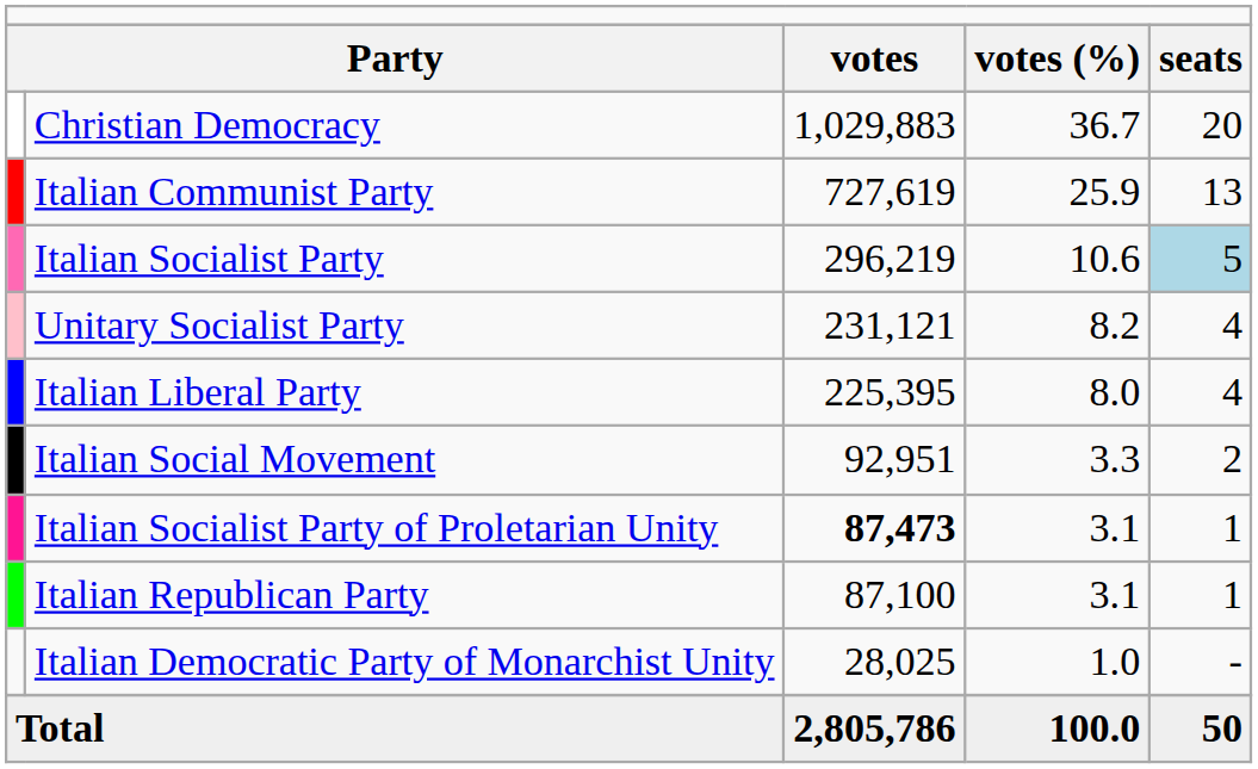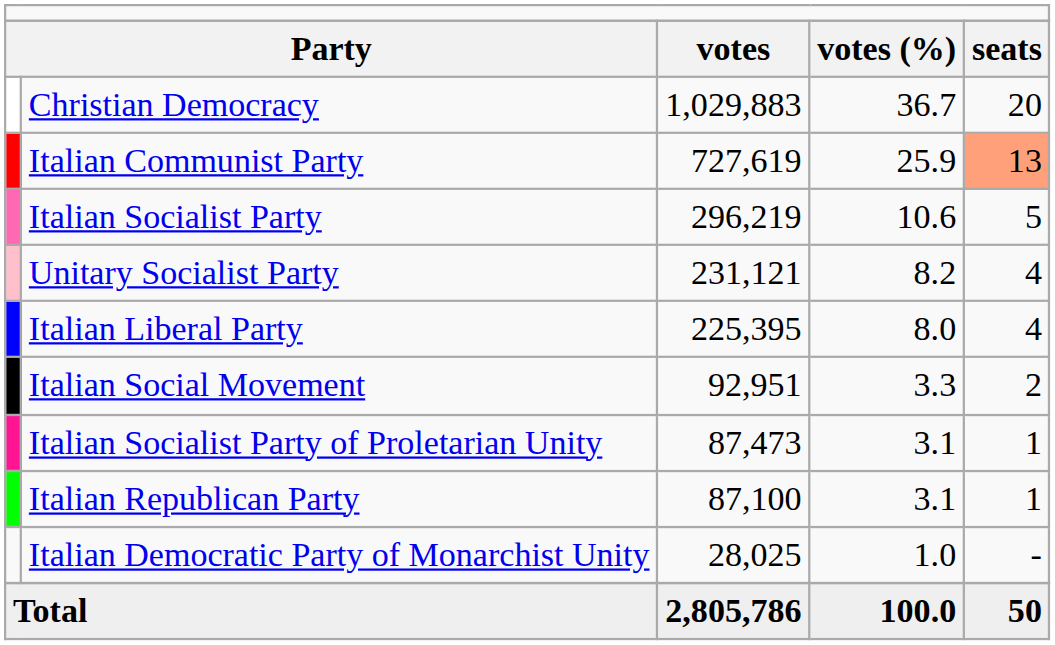 <table class="wikitable" style="font-size:95%">
 <tr>
 <td colspan=5 align=center></td>
 </tr>
 <tr>
 </tr>
 <tr bgcolor="EFEFEF">
 <th colspan=2>Party</th>
 <th>votes</th>
 <th>votes (%)</th>
 <th>seats</th>
 </tr>
 <tr>
 <td bgcolor=white></td>
 <td><a href='#'>Christian Democracy</a></td>
 <td align=right>1,029,883</td>
 <td align=right>36.7</td>
 <td align=right>20</td>
 </tr>
 <tr>
 <td bgcolor=red></td>
 <td><a href='#'>Italian Communist Party</a></td>
 <td align=right>727,619</td>
 <td align=right>25.9</td>
-<td align=right>13</td>
+<td align=right style="background: lightsalmon;">13</td>
 </tr>
 <tr>
 <td bgcolor=hotpink></td>
 <td><a href='#'>Italian Socialist Party</a></td>
 <td align=right>296,219</td>
 <td align=right>10.6</td>
-<td align=right style="background: lightblue;">5</td>
+<td align=right>5</td>
 </tr>
 <tr>
 <td bgcolor=pink></td>
 <td><a href='#'>Unitary Socialist Party</a></td>
 <td align=right>231,121</td>
 <td align=right>8.2</td>
 <td align=right>4</td>
 </tr>
 <tr>
 <td bgcolor=blue></td>
 <td><a href='#'>Italian Liberal Party</a></td>
 <td align=right>225,395</td>
 <td align=right>8.0</td>
 <td align=right>4</td>
 </tr>
 <tr>
 <td bgcolor=black></td>
 <td><a href='#'>Italian Social Movement</a></td>
 <td align=right>92,951</td>
 <td align=right>3.3</td>
 <td align=right>2</td>
 </tr>
 <tr>
 <td bgcolor=deeppink></td>
 <td><a href='#'>Italian Socialist Party of Proletarian Unity</a></td>
-<td align=right><strong>87,473</strong></td>
+<td align=right>87,473</td>
 <td align=right>3.1</td>
 <td align=right>1</td>
 </tr>
 <tr>
 <td bgcolor=lime></td>
 <td><a href='#'>Italian Republican Party</a></td>
 <td align=right>87,100</td>
 <td align=right>3.1</td>
 <td align=right>1</td>
 </tr>
 <tr>
 <td></td>
 <td><a href='#'>Italian Democratic Party of Monarchist Unity</a></td>
 <td align=right>28,025</td>
 <td align=right>1.0</td>
 <td align=right>-</td>
 </tr>
 <tr>
 </tr>
 <tr bgcolor="EFEFEF">
 <td colspan=2><strong>Total</strong></td>
 <td align=right><strong>2,805,786</strong></td>
 <td align=right><strong>100.0</strong></td>
 <td align=right><strong>50</strong></td>
 </tr>
 </table>
